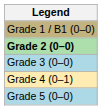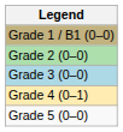 <table class="wikitable" style="font-size:85%;">
 <tr>
 <th>Legend</th>
 </tr>
 <tr bgcolor="C2B280">
 <td>Grade 1 / B1 (0–0)</td>
 </tr>
 <tr bgcolor="ADDFAD">
-<td><strong>Grade 2 (0–0)</strong></td>
+<td>Grade 2 (0–0)</td>
 </tr>
 <tr bgcolor="lightblue">
 <td>Grade 3 (0–0)</td>
 </tr>
 <tr bgcolor="ffecb2">
 <td>Grade 4 (0–1)</td>
 </tr>
 <tr>
-<td style="background: lightblue;">Grade 5 (0–0)</td>
+<td>Grade 5 (0–0)</td>
 </tr>
 </table>
